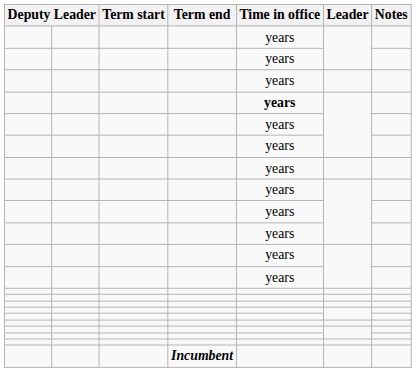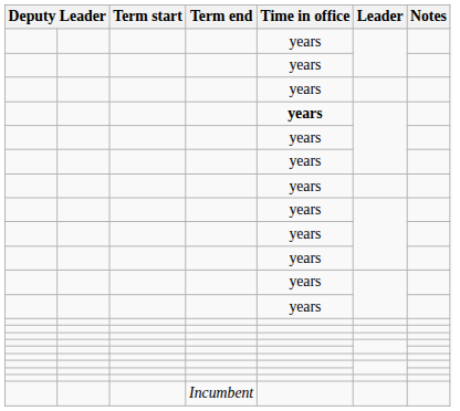 <table class="wikitable sortable">
 <tr>
 <th colspan="2">Deputy Leader</th>
 <th>Term start</th>
 <th>Term end</th>
 <th>Time in office</th>
 <th>Leader</th>
 <th>Notes</th>
 </tr>
 <tr align="center">
 <td></td>
 <td></td>
 <td></td>
 <td></td>
 <td> years</td>
 <td rowspan="2"></td>
 <td></td>
 </tr>
 <tr align="center">
 <td></td>
 <td></td>
 <td></td>
 <td></td>
 <td> years</td>
 <td></td>
 </tr>
 <tr align="center">
 <td></td>
 <td></td>
 <td></td>
 <td></td>
 <td> years</td>
 <td></td>
 <td></td>
 </tr>
 <tr align="center">
 <td></td>
 <td></td>
 <td></td>
 <td></td>
 <td><strong> years</strong></td>
 <td rowspan="3"></td>
 <td></td>
 </tr>
 <tr align="center">
 <td></td>
 <td></td>
 <td></td>
 <td></td>
 <td> years</td>
 <td></td>
 </tr>
 <tr align="center">
 <td></td>
 <td></td>
 <td></td>
 <td></td>
 <td> years</td>
 <td></td>
 </tr>
 <tr align="center">
 <td></td>
 <td></td>
 <td></td>
 <td></td>
 <td> years</td>
 <td></td>
 <td></td>
 </tr>
 <tr align="center">
 <td></td>
 <td></td>
 <td></td>
 <td></td>
 <td> years</td>
 <td rowspan="3"></td>
 <td></td>
 </tr>
 <tr align="center">
 <td></td>
 <td></td>
 <td></td>
 <td></td>
 <td> years</td>
 <td></td>
 </tr>
 <tr align="center">
 <td></td>
 <td></td>
 <td></td>
 <td></td>
 <td> years</td>
 <td></td>
 </tr>
 <tr align="center">
 <td></td>
 <td></td>
 <td></td>
 <td></td>
 <td> years</td>
 <td rowspan="2"></td>
 <td></td>
 </tr>
 <tr align="center">
 <td></td>
 <td></td>
 <td></td>
 <td></td>
 <td> years</td>
 <td></td>
 </tr>
 <tr align="center">
 <td></td>
 <td></td>
 <td></td>
 <td></td>
 <td></td>
 <td></td>
 <td></td>
 </tr>
 <tr align="center">
 <td></td>
 <td></td>
 <td></td>
 <td></td>
 <td></td>
 <td></td>
 <td></td>
 </tr>
 <tr align="center">
 <td></td>
 <td></td>
 <td></td>
 <td></td>
 <td></td>
 <td></td>
 <td></td>
 </tr>
 <tr align="center">
 <td></td>
 <td></td>
 <td></td>
 <td></td>
 <td></td>
 <td rowspan="3"></td>
 <td></td>
 </tr>
 <tr align="center">
 <td></td>
 <td></td>
 <td></td>
 <td></td>
 <td></td>
 <td></td>
 </tr>
 <tr align="center">
 <td rowspan="2"></td>
 <td rowspan="2"></td>
 <td rowspan="2"></td>
 <td rowspan="2"></td>
 <td rowspan="2"></td>
 <td rowspan="2"></td>
 </tr>
 <tr align="center">
 <td></td>
 </tr>
 <tr align="center">
 <td></td>
 <td></td>
 <td></td>
 <td></td>
 <td></td>
 <td rowspan="2"></td>
 <td></td>
 </tr>
 <tr align="center">
 <td></td>
 <td></td>
 <td></td>
 <td></td>
 <td></td>
 <td></td>
 </tr>
 <tr align="center">
 <td rowspan="2"></td>
 <td rowspan="2"></td>
 <td rowspan="2"></td>
 <td rowspan="2"></td>
 <td rowspan="2"></td>
 <td></td>
 <td rowspan="2"></td>
 </tr>
 <tr align="center">
 <td rowspan="2"></td>
 </tr>
 <tr align="center">
 <td></td>
 <td></td>
 <td></td>
-<td><strong><em>Incumbent</em></strong></td>
+<td><em>Incumbent</em></td>
 <td></td>
 </tr>
 </table>
